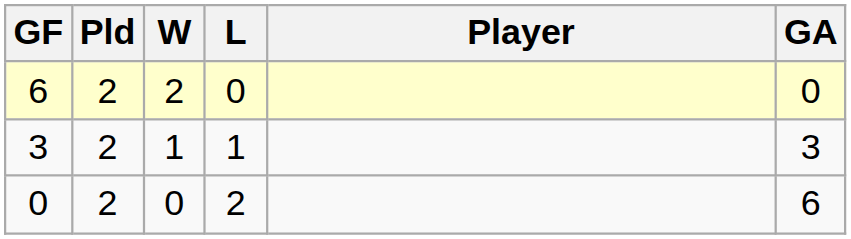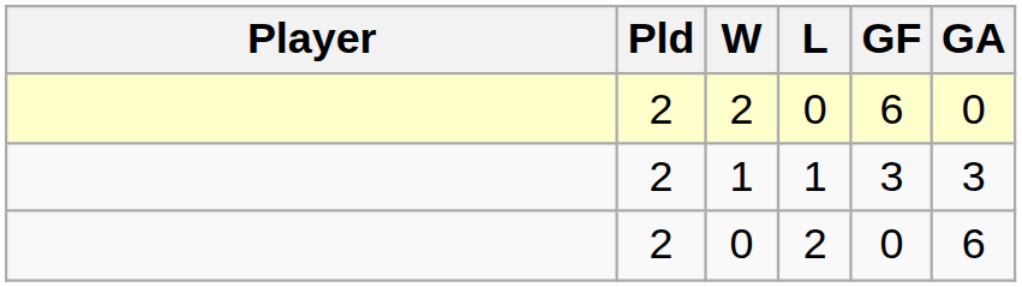 <table class=wikitable style="text-align:center">
 <tr>
-<th width=20>GF</th>
+<th width=220>Player</th>
 <th width=20>Pld</th>
 <th width=20>W</th>
 <th width=20>L</th>
-<th width=220>Player</th>
+<th width=20>GF</th>
 <th width=20>GA</th>
 </tr>
 <tr bgcolor=#ffffcc>
-<td>6</td>
+<td align=left></td>
 <td>2</td>
 <td>2</td>
 <td>0</td>
-<td align=left></td>
+<td>6</td>
 <td>0</td>
 </tr>
 <tr>
-<td>3</td>
+<td align=left></td>
 <td>2</td>
 <td>1</td>
 <td>1</td>
-<td align=left></td>
+<td>3</td>
 <td>3</td>
 </tr>
 <tr>
+<td align=left></td>
+<td>2</td>
 <td>0</td>
 <td>2</td>
 <td>0</td>
-<td>2</td>
-<td align=left></td>
 <td>6</td>
 </tr>
 </table>
